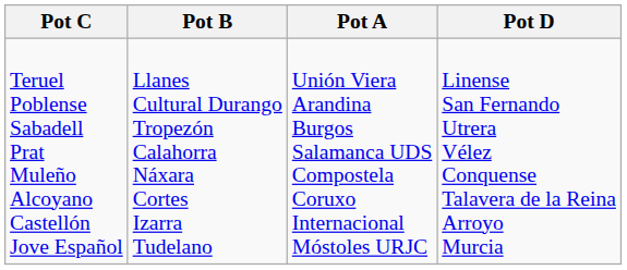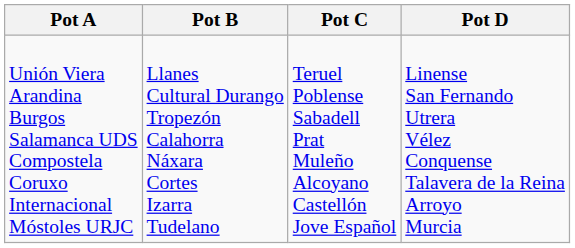 <table class="wikitable">
 <tr>
+<th>Pot A</th>
+<th>Pot B</th>
 <th>Pot C</th>
-<th>Pot B</th>
-<th>Pot A</th>
 <th>Pot D</th>
 </tr>
 <tr style="vertical-align:top">
+<td><br> <a href='#'>Unión Viera</a><br>  <a href='#'>Arandina</a><br>  <a href='#'>Burgos</a><br>  <a href='#'>Salamanca UDS</a><br>  <a href='#'>Compostela</a><br>  <a href='#'>Coruxo</a><br>  <a href='#'>Internacional</a><br>  <a href='#'>Móstoles URJC</a><br></td>
+<td><br> <a href='#'>Llanes</a><br>  <a href='#'>Cultural Durango</a><br>  <a href='#'>Tropezón</a><br>  <a href='#'>Calahorra</a><br>  <a href='#'>Náxara</a><br>  <a href='#'>Cortes</a><br>  <a href='#'>Izarra</a><br>  <a href='#'>Tudelano</a></td>
 <td><br> <a href='#'>Teruel</a><br>  <a href='#'>Poblense</a><br>  <a href='#'>Sabadell</a><br>  <a href='#'>Prat</a><br>  <a href='#'>Muleño</a><br>  <a href='#'>Alcoyano</a><br>  <a href='#'>Castellón</a><br>  <a href='#'>Jove Español</a></td>
-<td><br> <a href='#'>Llanes</a><br>  <a href='#'>Cultural Durango</a><br>  <a href='#'>Tropezón</a><br>  <a href='#'>Calahorra</a><br>  <a href='#'>Náxara</a><br>  <a href='#'>Cortes</a><br>  <a href='#'>Izarra</a><br>  <a href='#'>Tudelano</a></td>
-<td><br> <a href='#'>Unión Viera</a><br>  <a href='#'>Arandina</a><br>  <a href='#'>Burgos</a><br>  <a href='#'>Salamanca UDS</a><br>  <a href='#'>Compostela</a><br>  <a href='#'>Coruxo</a><br>  <a href='#'>Internacional</a><br>  <a href='#'>Móstoles URJC</a><br></td>
 <td><br> <a href='#'>Linense</a><br>  <a href='#'>San Fernando</a><br>  <a href='#'>Utrera</a><br>  <a href='#'>Vélez</a><br>  <a href='#'>Conquense</a><br>  <a href='#'>Talavera de la Reina</a><br>  <a href='#'>Arroyo</a><br>  <a href='#'>Murcia</a></td>
 </tr>
 </table>
